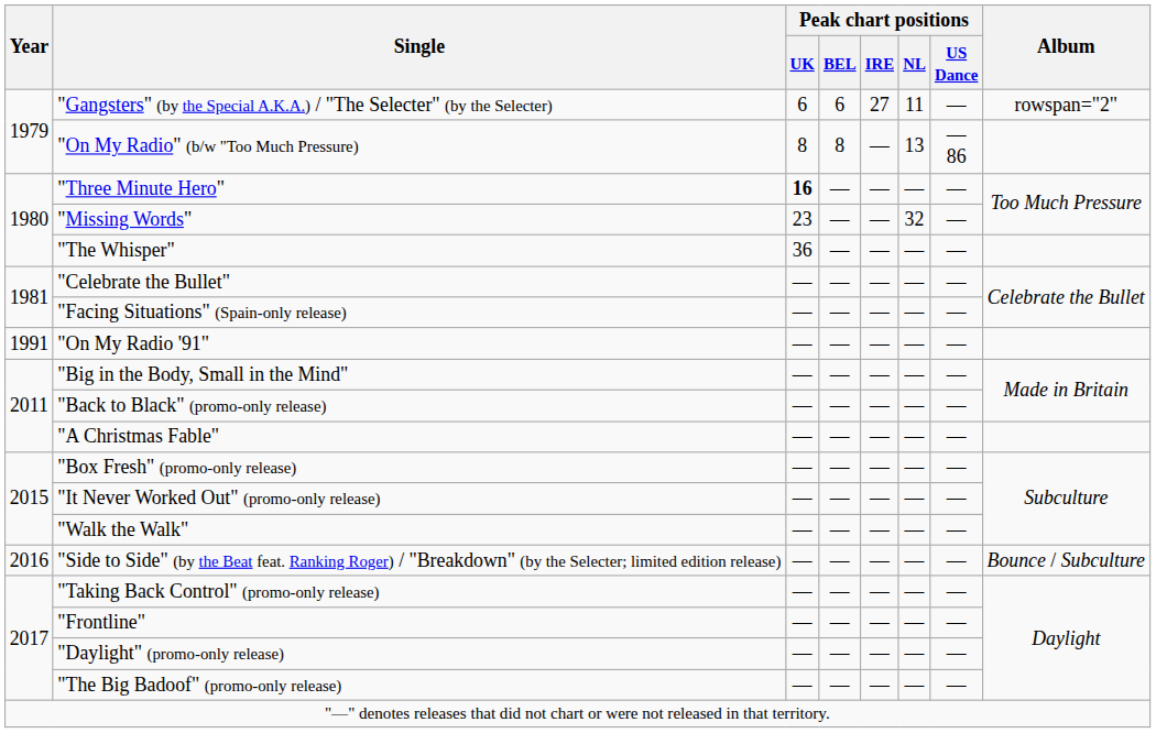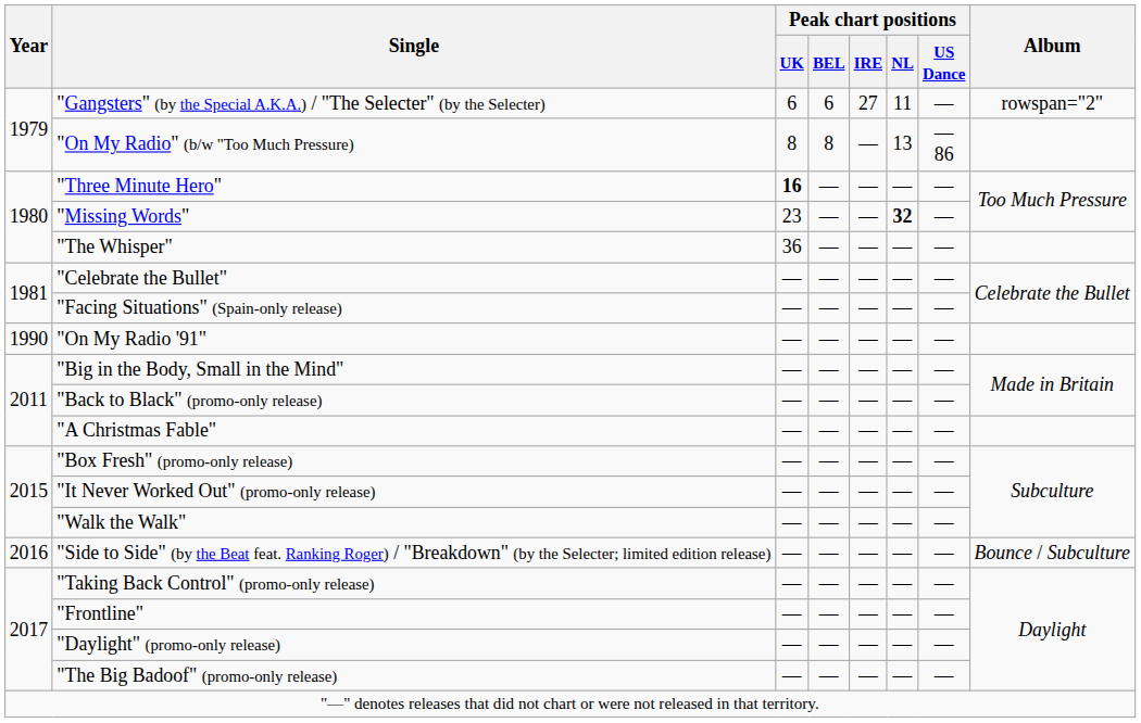 <table class="wikitable" style="text-align:center">
 <tr>
 <th rowspan="2">Year</th>
 <th rowspan="2">Single</th>
 <th colspan="5">Peak chart positions</th>
 <th rowspan="2">Album</th>
 </tr>
 <tr>
 <th><small><a href='#'>UK</a></small><br></th>
 <th><small><a href='#'>BEL</a></small><br></th>
 <th><small><a href='#'>IRE</a></small><br></th>
 <th><small><a href='#'>NL</a></small><br></th>
 <th><small><a href='#'>US<br>Dance</a></small><br></th>
 </tr>
 <tr>
 <td rowspan="2">1979</td>
 <td align="left">"<a href='#'>Gangsters</a>" <small>(by <a href='#'>the Special A.K.A.</a>)</small> / "The Selecter" <small>(by the Selecter)</small></td>
 <td>6</td>
 <td>6</td>
 <td>27</td>
 <td>11</td>
 <td>—</td>
 <td>rowspan="2" </td>
 </tr>
 <tr>
 <td align="left">"<a href='#'>On My Radio</a>" <small>(b/w "Too Much Pressure)</small></td>
 <td>8</td>
 <td>8</td>
 <td>—</td>
 <td>13</td>
 <td>—<br>86</td>
 </tr>
 <tr>
 <td rowspan="3">1980</td>
 <td align="left">"<a href='#'>Three Minute Hero</a>"</td>
 <td><strong>16</strong></td>
 <td>—</td>
 <td>—</td>
 <td>—</td>
 <td>—</td>
 <td rowspan="2"><em>Too Much Pressure</em></td>
 </tr>
 <tr>
 <td align="left">"<a href='#'>Missing Words</a>"</td>
 <td>23</td>
 <td>—</td>
 <td>—</td>
-<td>32</td>
+<td><strong>32</strong></td>
 <td>—</td>
 </tr>
 <tr>
 <td align="left">"The Whisper"</td>
 <td>36</td>
 <td>—</td>
 <td>—</td>
 <td>—</td>
 <td>—</td>
 <td></td>
 </tr>
 <tr>
 <td rowspan="2">1981</td>
 <td align="left">"Celebrate the Bullet"</td>
 <td>—</td>
 <td>—</td>
 <td>—</td>
 <td>—</td>
 <td>—</td>
 <td rowspan="2"><em>Celebrate the Bullet</em></td>
 </tr>
 <tr>
 <td align="left">"Facing Situations" <small>(Spain-only release)</small></td>
 <td>—</td>
 <td>—</td>
 <td>—</td>
 <td>—</td>
 <td>—</td>
 </tr>
 <tr>
-<td>1991</td>
+<td>1990</td>
 <td align="left">"On My Radio '91"</td>
 <td>—</td>
 <td>—</td>
 <td>—</td>
 <td>—</td>
 <td>—</td>
 <td></td>
 </tr>
 <tr>
 <td rowspan="3">2011</td>
 <td align="left">"Big in the Body, Small in the Mind"</td>
 <td>—</td>
 <td>—</td>
 <td>—</td>
 <td>—</td>
 <td>—</td>
 <td rowspan="2"><em>Made in Britain</em></td>
 </tr>
 <tr>
 <td align="left">"Back to Black" <small>(promo-only release)</small></td>
 <td>—</td>
 <td>—</td>
 <td>—</td>
 <td>—</td>
 <td>—</td>
 </tr>
 <tr>
 <td align="left">"A Christmas Fable"</td>
 <td>—</td>
 <td>—</td>
 <td>—</td>
 <td>—</td>
 <td>—</td>
 <td></td>
 </tr>
 <tr>
 <td rowspan="3">2015</td>
 <td align="left">"Box Fresh" <small>(promo-only release)</small></td>
 <td>—</td>
 <td>—</td>
 <td>—</td>
 <td>—</td>
 <td>—</td>
 <td rowspan="3"><em>Subculture</em></td>
 </tr>
 <tr>
 <td align="left">"It Never Worked Out" <small>(promo-only release)</small></td>
 <td>—</td>
 <td>—</td>
 <td>—</td>
 <td>—</td>
 <td>—</td>
 </tr>
 <tr>
 <td align="left">"Walk the Walk"</td>
 <td>—</td>
 <td>—</td>
 <td>—</td>
 <td>—</td>
 <td>—</td>
 </tr>
 <tr>
 <td>2016</td>
 <td align="left">"Side to Side" <small>(by <a href='#'>the Beat</a> feat. <a href='#'>Ranking Roger</a>)</small> / "Breakdown" <small>(by the Selecter; limited edition release)</small></td>
 <td>—</td>
 <td>—</td>
 <td>—</td>
 <td>—</td>
 <td>—</td>
 <td><em>Bounce</em> / <em>Subculture</em></td>
 </tr>
 <tr>
 <td rowspan="4">2017</td>
 <td align="left">"Taking Back Control" <small>(promo-only release)</small></td>
 <td>—</td>
 <td>—</td>
 <td>—</td>
 <td>—</td>
 <td>—</td>
 <td rowspan="4"><em>Daylight</em></td>
 </tr>
 <tr>
 <td align="left">"Frontline"</td>
 <td>—</td>
 <td>—</td>
 <td>—</td>
 <td>—</td>
 <td>—</td>
 </tr>
 <tr>
 <td align="left">"Daylight" <small>(promo-only release)</small></td>
 <td>—</td>
 <td>—</td>
 <td>—</td>
 <td>—</td>
 <td>—</td>
 </tr>
 <tr>
 <td align="left">"The Big Badoof" <small>(promo-only release)</small></td>
 <td>—</td>
 <td>—</td>
 <td>—</td>
 <td>—</td>
 <td>—</td>
 </tr>
 <tr>
 <td colspan="8" style="font-size:85%">"—" denotes releases that did not chart or were not released in that territory.</td>
 </tr>
 </table>
